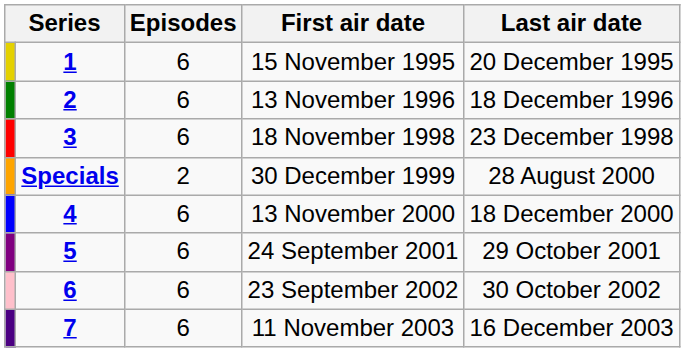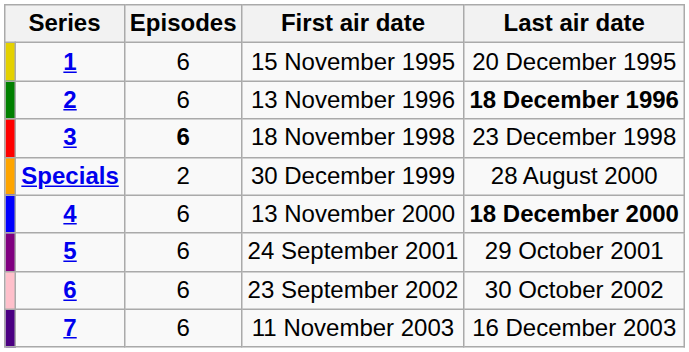 <table class="wikitable" style=text-align:center;>
 <tr>
 <th colspan="2">Series</th>
 <th>Episodes</th>
 <th>First air date</th>
 <th>Last air date</th>
 </tr>
 <tr>
 <th style="background: #e4d100"></th>
 <td style="text-align:center;"><strong><a href='#'>1</a></strong></td>
 <td style="text-align:center;">6</td>
 <td style="text-align:center;">15 November 1995</td>
 <td style="text-align:center;">20 December 1995</td>
 </tr>
 <tr>
 <td style="background:green; "></td>
 <td style="text-align:center;"><strong><a href='#'>2</a></strong></td>
 <td style="text-align:center;">6</td>
 <td style="text-align:center;">13 November 1996</td>
-<td style="text-align:center;">18 December 1996</td>
+<td style="text-align:center;"><strong>18 December 1996</strong></td>
 </tr>
 <tr>
 <td style="background:red; "></td>
 <td style="text-align:center;"><strong><a href='#'>3</a></strong></td>
-<td style="text-align:center;">6</td>
+<td style="text-align:center;"><strong>6</strong></td>
 <td style="text-align:center;">18 November 1998</td>
 <td style="text-align:center;">23 December 1998</td>
 </tr>
 <tr>
 <td style="background:orange; "></td>
 <td style="text-align:center;"><strong><a href='#'>Specials</a></strong></td>
 <td style="text-align:center;">2</td>
 <td style="text-align:center;">30 December 1999</td>
 <td style="text-align:center;">28 August 2000</td>
 </tr>
 <tr>
 <td style="background:blue; "></td>
 <td style="text-align:center;"><strong><a href='#'>4</a></strong></td>
 <td style="text-align:center;">6</td>
 <td style="text-align:center;">13 November 2000</td>
-<td style="text-align:center;">18 December 2000</td>
+<td style="text-align:center;"><strong>18 December 2000</strong></td>
 </tr>
 <tr>
 <td style="background:purple; "></td>
 <td style="text-align:center;"><strong><a href='#'>5</a></strong></td>
 <td style="text-align:center;">6</td>
 <td style="text-align:center;">24 September 2001</td>
 <td style="text-align:center;">29 October 2001</td>
 </tr>
 <tr>
 <td style="background:pink; "></td>
 <td style="text-align:center;"><strong><a href='#'>6</a></strong></td>
 <td style="text-align:center;">6</td>
 <td style="text-align:center;">23 September 2002</td>
 <td style="text-align:center;">30 October 2002</td>
 </tr>
 <tr>
 <td style="background:indigo; "></td>
 <td style="text-align:center;"><strong><a href='#'>7</a></strong></td>
 <td style="text-align:center;">6</td>
 <td style="text-align:center;">11 November 2003</td>
 <td style="text-align:center;">16 December 2003</td>
 </tr>
 </table>
